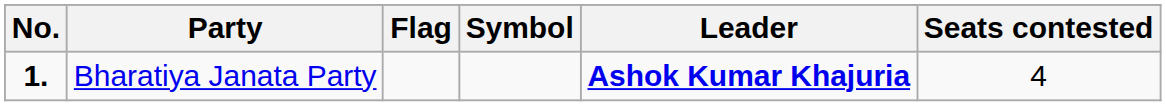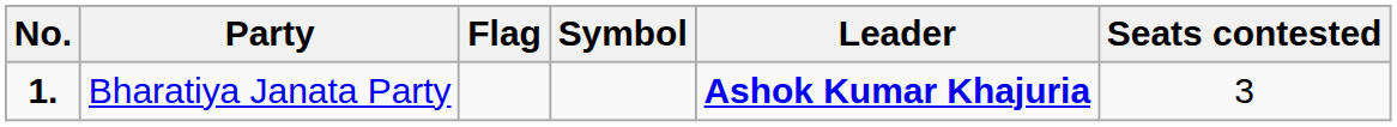 <table class="wikitable">
 <tr>
 <th>No.</th>
 <th>Party</th>
 <th>Flag</th>
 <th>Symbol</th>
 <th>Leader</th>
 <th>Seats contested</th>
 </tr>
 <tr>
 <td ! style="text-align:center; background:"><strong>1.</strong></td>
 <td style="text-align:center"><a href='#'>Bharatiya Janata Party</a></td>
 <td></td>
 <td></td>
 <td style="text-align:center"><strong><a href='#'>Ashok Kumar Khajuria</a></strong></td>
-<td style="text-align:center">4</td>
+<td style="text-align:center">3</td>
 </tr>
 </table>
